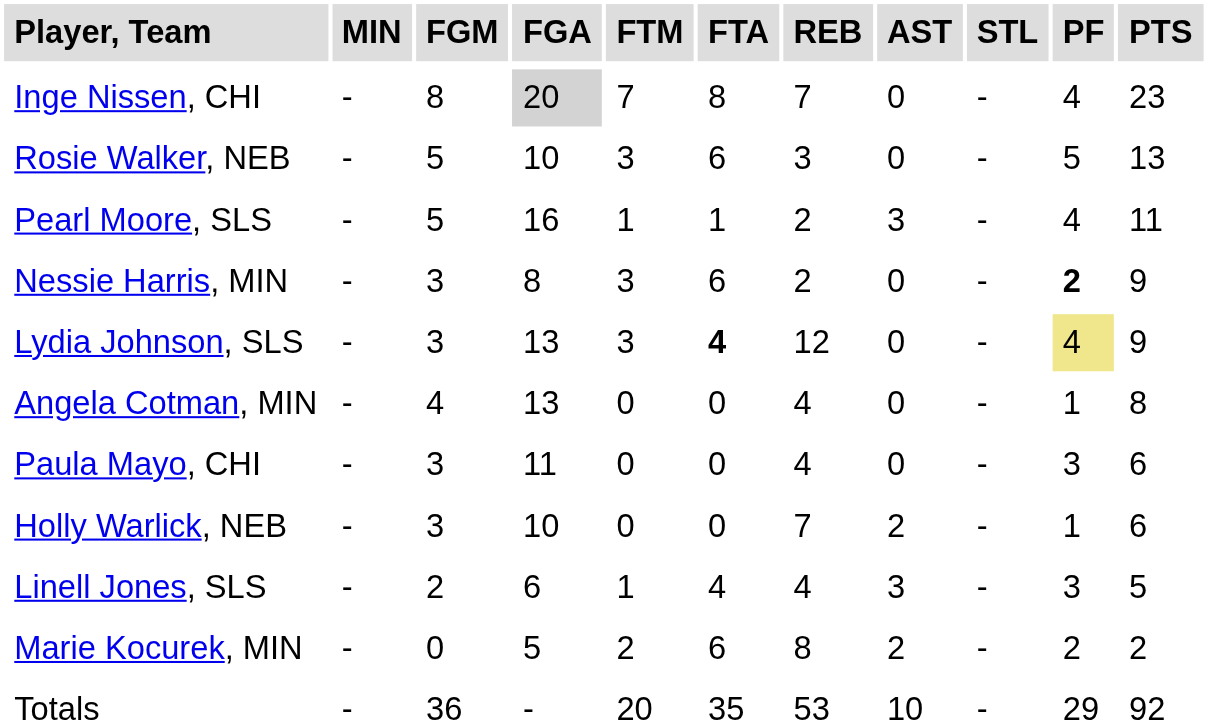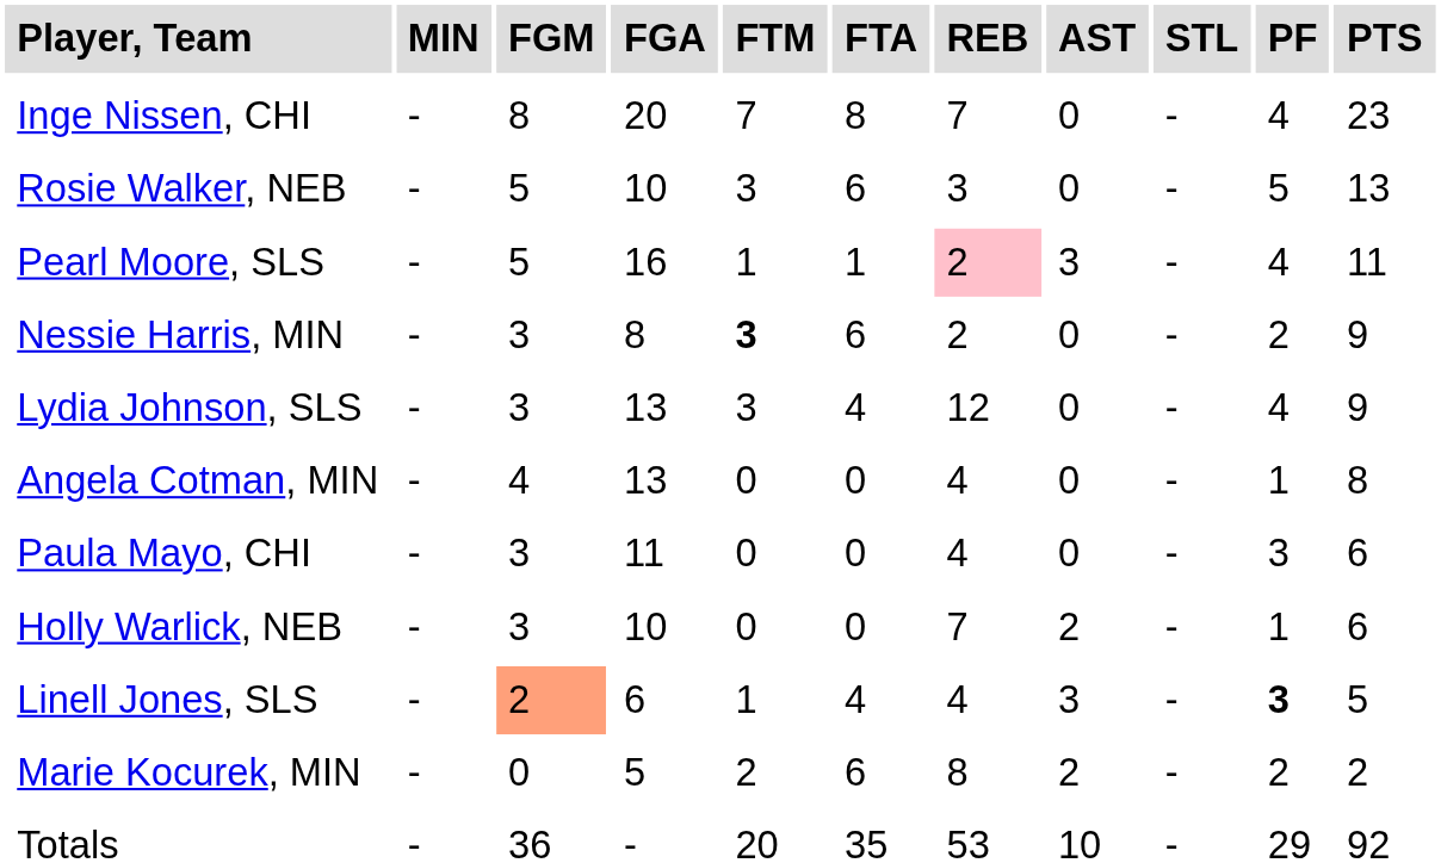 <table cellpadding=5>
 <tr bgcolor="#dddddd">
 <td><strong>Player, Team</strong></td>
 <td><strong>MIN</strong></td>
 <td><strong>FGM</strong></td>
 <td><strong>FGA</strong></td>
 <td><strong>FTM</strong></td>
 <td><strong>FTA</strong></td>
 <td><strong>REB</strong></td>
 <td><strong>AST</strong></td>
 <td><strong>STL</strong></td>
 <td><strong>PF</strong></td>
 <td><strong>PTS</strong></td>
 </tr>
 <tr bgcolor="#eeeeee">
 </tr>
 <tr>
 <td><a href='#'>Inge Nissen</a>, CHI</td>
 <td>-</td>
 <td>8</td>
-<td style="background: lightgrey;">20</td>
+<td>20</td>
 <td>7</td>
 <td>8</td>
 <td>7</td>
 <td>0</td>
 <td>-</td>
 <td>4</td>
 <td>23</td>
 </tr>
 <tr>
 <td><a href='#'>Rosie Walker</a>, NEB</td>
 <td>-</td>
 <td>5</td>
 <td>10</td>
 <td>3</td>
 <td>6</td>
 <td>3</td>
 <td>0</td>
 <td>-</td>
 <td>5</td>
 <td>13</td>
 </tr>
 <tr>
 <td><a href='#'>Pearl Moore</a>, SLS</td>
 <td>-</td>
 <td>5</td>
 <td>16</td>
 <td>1</td>
 <td>1</td>
-<td>2</td>
+<td style="background: pink;">2</td>
 <td>3</td>
 <td>-</td>
 <td>4</td>
 <td>11</td>
 </tr>
 <tr>
 <td><a href='#'>Nessie Harris</a>, MIN</td>
 <td>-</td>
 <td>3</td>
 <td>8</td>
-<td>3</td>
+<td><strong>3</strong></td>
 <td>6</td>
 <td>2</td>
 <td>0</td>
 <td>-</td>
-<td><strong>2</strong></td>
+<td>2</td>
 <td>9</td>
 </tr>
 <tr>
 <td><a href='#'>Lydia Johnson</a>, SLS</td>
 <td>-</td>
 <td>3</td>
 <td>13</td>
 <td>3</td>
-<td><strong>4</strong></td>
+<td>4</td>
 <td>12</td>
 <td>0</td>
 <td>-</td>
-<td style="background: khaki;">4</td>
+<td>4</td>
 <td>9</td>
 </tr>
 <tr>
 <td><a href='#'>Angela Cotman</a>, MIN</td>
 <td>-</td>
 <td>4</td>
 <td>13</td>
 <td>0</td>
 <td>0</td>
 <td>4</td>
 <td>0</td>
 <td>-</td>
 <td>1</td>
 <td>8</td>
 </tr>
 <tr>
 <td><a href='#'>Paula Mayo</a>, CHI</td>
 <td>-</td>
 <td>3</td>
 <td>11</td>
 <td>0</td>
 <td>0</td>
 <td>4</td>
 <td>0</td>
 <td>-</td>
 <td>3</td>
 <td>6</td>
 </tr>
 <tr>
 <td><a href='#'>Holly Warlick</a>, NEB</td>
 <td>-</td>
 <td>3</td>
 <td>10</td>
 <td>0</td>
 <td>0</td>
 <td>7</td>
 <td>2</td>
 <td>-</td>
 <td>1</td>
 <td>6</td>
 </tr>
 <tr>
 <td><a href='#'>Linell Jones</a>, SLS</td>
 <td>-</td>
-<td>2</td>
+<td style="background: lightsalmon;">2</td>
 <td>6</td>
 <td>1</td>
 <td>4</td>
 <td>4</td>
 <td>3</td>
 <td>-</td>
-<td>3</td>
+<td><strong>3</strong></td>
 <td>5</td>
 </tr>
 <tr>
 <td><a href='#'>Marie Kocurek</a>, MIN</td>
 <td>-</td>
 <td>0</td>
 <td>5</td>
 <td>2</td>
 <td>6</td>
 <td>8</td>
 <td>2</td>
 <td>-</td>
 <td>2</td>
 <td>2</td>
 </tr>
 <tr>
 <td>Totals</td>
 <td>-</td>
 <td>36</td>
 <td>-</td>
 <td>20</td>
 <td>35</td>
 <td>53</td>
 <td>10</td>
 <td>-</td>
 <td>29</td>
 <td>92</td>
 </tr>
 <tr>
 </tr>
 </table>
